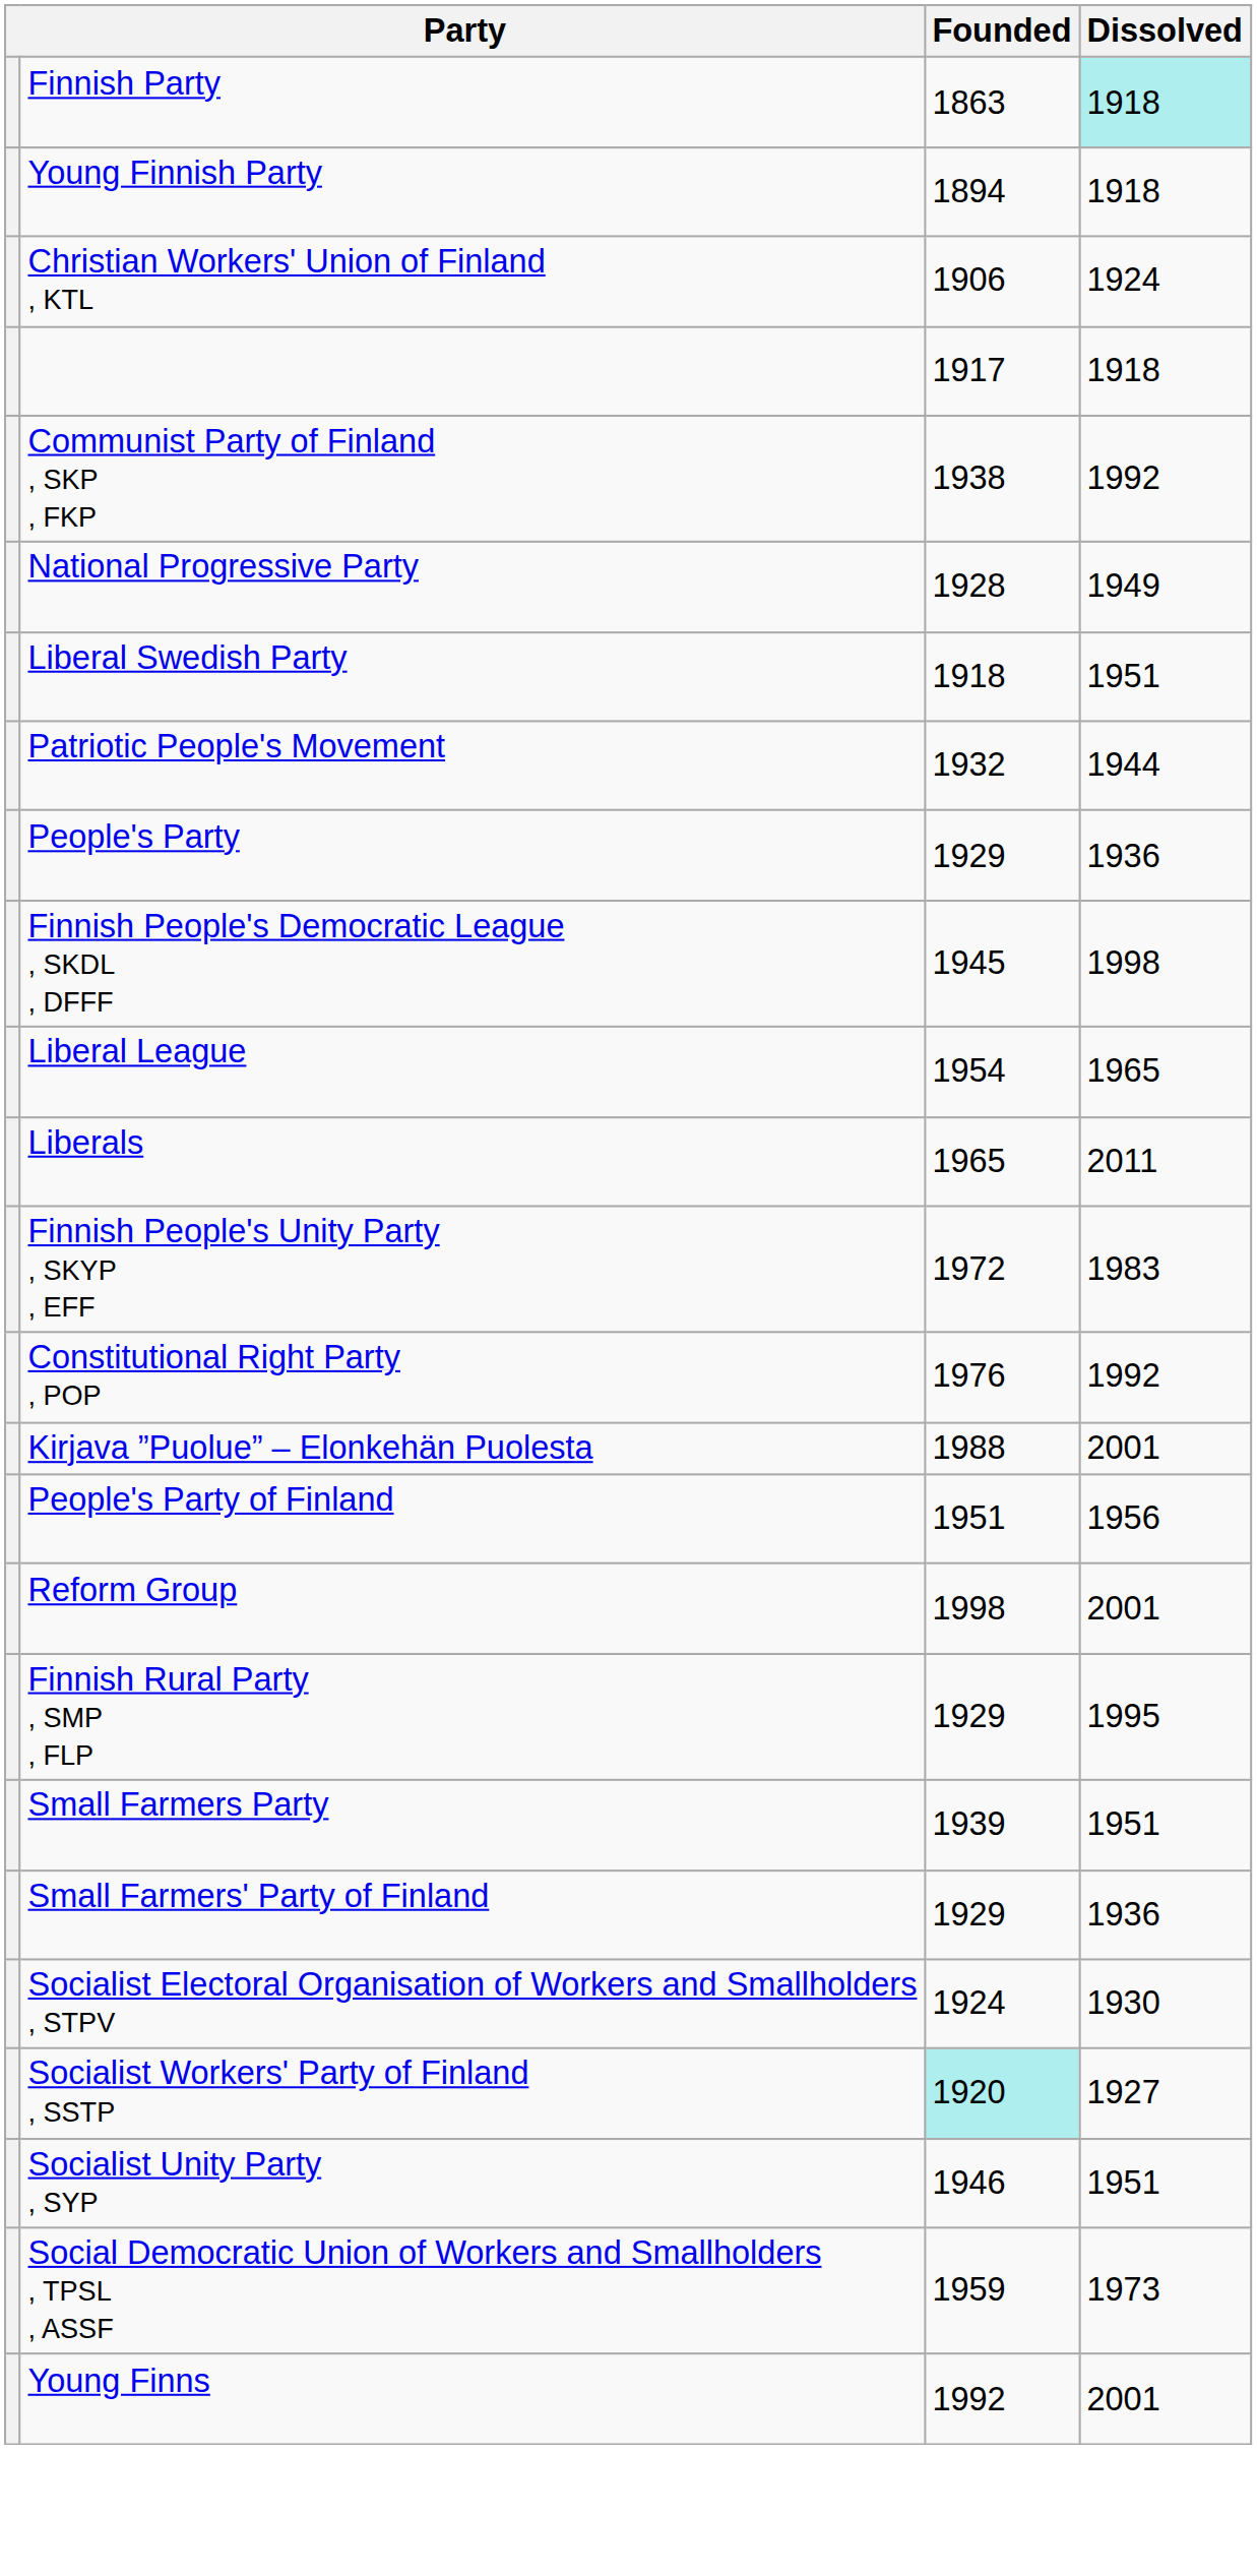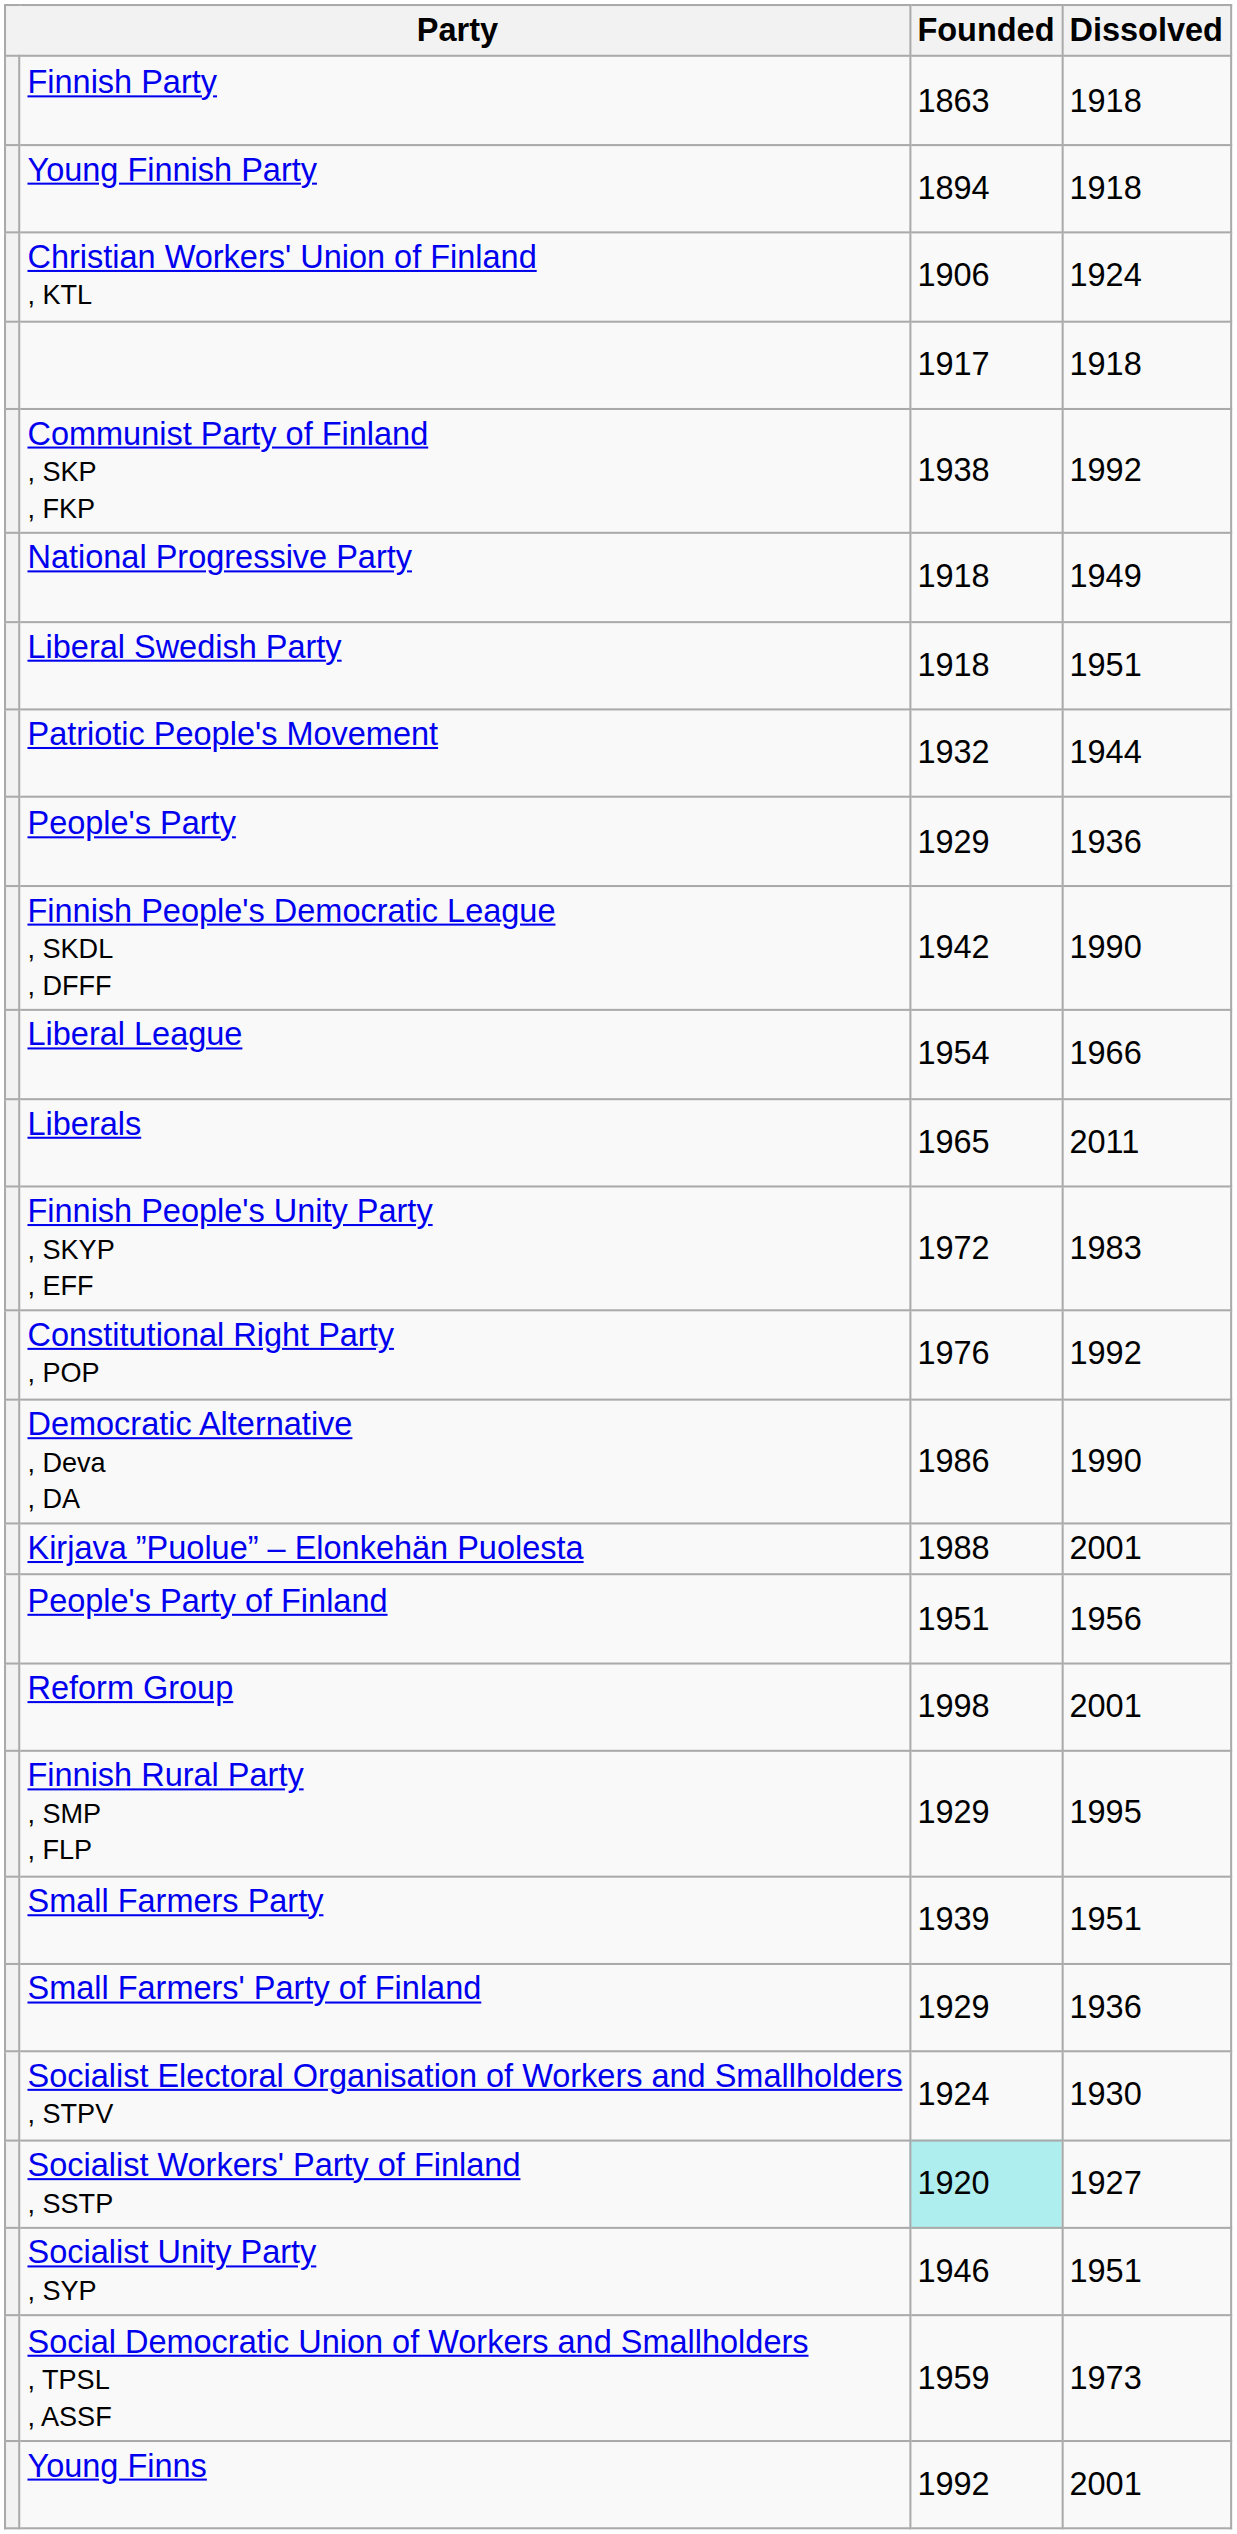 <table class="wikitable sortable">
 <tr>
 <th colspan="2">Party</th>
 <th>Founded</th>
 <th>Dissolved</th>
 </tr>
 <tr>
 <th style="background-color:"></th>
 <td><a href='#'>Finnish Party</a><br><small><br></small></td>
 <td>1863</td>
-<td style="background: paleturquoise;">1918</td>
+<td>1918</td>
 </tr>
 <tr>
 <th style="background-color:"></th>
 <td><a href='#'>Young Finnish Party</a><br><small><br></small></td>
 <td>1894</td>
 <td>1918</td>
 </tr>
 <tr>
 <th style="background-color:"></th>
 <td><a href='#'>Christian Workers' Union of Finland</a><br><small>, KTL<br></small></td>
 <td>1906</td>
 <td>1924</td>
 </tr>
 <tr>
 <th style="background-color:"></th>
 <td><br><small><br></small></td>
 <td>1917</td>
 <td>1918</td>
 </tr>
 <tr>
 <th style="background-color:"></th>
 <td><a href='#'>Communist Party of Finland</a><br><small>, SKP<br>, FKP</small></td>
 <td>1938</td>
 <td>1992</td>
 </tr>
 <tr>
 <th style="background-color:"></th>
 <td><a href='#'>National Progressive Party</a><br><small><br></small></td>
-<td>1928</td>
+<td>1918</td>
 <td>1949</td>
 </tr>
 <tr>
 <th style="background-color:"></th>
 <td><a href='#'>Liberal Swedish Party</a><br><small><br></small></td>
 <td>1918</td>
 <td>1951</td>
 </tr>
 <tr>
 <th style="background-color:"></th>
 <td><a href='#'>Patriotic People's Movement</a><br><small><br></small></td>
 <td>1932</td>
 <td>1944</td>
 </tr>
 <tr>
 <th style="background-color:"></th>
 <td><a href='#'>People's Party</a><br><small><br></small></td>
 <td>1929</td>
 <td>1936</td>
 </tr>
 <tr>
 <th style="background-color:"></th>
 <td><a href='#'>Finnish People's Democratic League</a><br><small>, SKDL<br>, DFFF</small></td>
-<td>1945</td>
-<td>1998</td>
+<td>1942</td>
+<td>1990</td>
 </tr>
 <tr>
 <th style="background-color:"></th>
 <td><a href='#'>Liberal League</a><br><small><br></small></td>
 <td>1954</td>
-<td>1965</td>
+<td>1966</td>
 </tr>
 <tr>
 <th style="background-color:"></th>
 <td><a href='#'>Liberals</a><br><small><br></small></td>
 <td>1965</td>
 <td>2011</td>
 </tr>
 <tr>
 <th style="background-color:"></th>
 <td><a href='#'>Finnish People's Unity Party</a><br><small>, SKYP<br>, EFF</small></td>
 <td>1972</td>
 <td>1983</td>
 </tr>
 <tr>
 <th style="background-color:"></th>
 <td><a href='#'>Constitutional Right Party</a><br><small>, POP<br></small></td>
 <td>1976</td>
 <td>1992</td>
+</tr>
+<tr>
+<th style="background-color:"></th>
+<td><a href='#'>Democratic Alternative</a><br><small>, Deva<br>, DA</small></td>
+<td>1986</td>
+<td>1990</td>
 </tr>
 <tr>
 <th style="background-color:"></th>
 <td><a href='#'>Kirjava ”Puolue” – Elonkehän Puolesta</a><br><small></small></td>
 <td>1988</td>
 <td>2001</td>
 </tr>
 <tr>
 <th style="background-color:"></th>
 <td><a href='#'>People's Party of Finland</a><br><small><br></small></td>
 <td>1951</td>
 <td>1956</td>
 </tr>
 <tr>
 <th style="background-color:"></th>
 <td><a href='#'>Reform Group</a><br><small><br></small></td>
 <td>1998</td>
 <td>2001</td>
 </tr>
 <tr>
 <th style="background-color:"></th>
 <td><a href='#'>Finnish Rural Party</a><br><small>, SMP<br>, FLP</small></td>
 <td>1929</td>
 <td>1995</td>
 </tr>
 <tr>
 <th style="background-color:"></th>
 <td><a href='#'>Small Farmers Party</a><br><small><br></small></td>
 <td>1939</td>
 <td>1951</td>
 </tr>
 <tr>
 <th style="background-color:"></th>
 <td><a href='#'>Small Farmers' Party of Finland</a><br><small><br></small></td>
 <td>1929</td>
 <td>1936</td>
 </tr>
 <tr>
 <th style="background-color:"></th>
 <td><a href='#'>Socialist Electoral Organisation of Workers and Smallholders</a><br><small>, STPV<br></small></td>
 <td>1924</td>
 <td>1930</td>
 </tr>
 <tr>
 <th style="background-color:"></th>
 <td><a href='#'>Socialist Workers' Party of Finland</a><br><small>, SSTP<br></small></td>
 <td style="background: paleturquoise;">1920</td>
 <td>1927</td>
 </tr>
 <tr>
 <th style="background-color:"></th>
 <td><a href='#'>Socialist Unity Party</a><br><small>, SYP<br></small></td>
 <td>1946</td>
 <td>1951</td>
 </tr>
 <tr>
 <th style="background-color:"></th>
 <td><a href='#'>Social Democratic Union of Workers and Smallholders</a><br><small>, TPSL<br>, ASSF</small></td>
 <td>1959</td>
 <td>1973</td>
 </tr>
 <tr>
 <th style="background-color:"></th>
 <td><a href='#'>Young Finns</a><br><small><br></small></td>
 <td>1992</td>
 <td>2001</td>
 </tr>
 </table>
